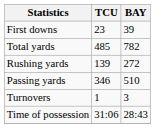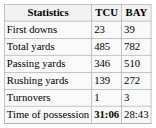 <table class="wikitable">
 <tr>
 <th>Statistics</th>
 <th>TCU</th>
 <th>BAY</th>
 </tr>
 <tr>
 <td>First downs</td>
 <td>23</td>
 <td>39</td>
 </tr>
 <tr>
 <td>Total yards</td>
 <td>485</td>
 <td>782</td>
 </tr>
 <tr>
+<td>Passing yards</td>
+<td>346</td>
+<td>510</td>
+</tr>
+<tr>
 <td>Rushing yards</td>
 <td>139</td>
 <td>272</td>
-</tr>
-<tr>
-<td>Passing yards</td>
-<td>346</td>
-<td>510</td>
 </tr>
 <tr>
 <td>Turnovers</td>
 <td>1</td>
 <td>3</td>
 </tr>
 <tr>
 <td>Time of possession</td>
-<td>31:06</td>
+<td><strong>31:06</strong></td>
 <td>28:43</td>
 </tr>
 <tr>
 </tr>
 </table>
